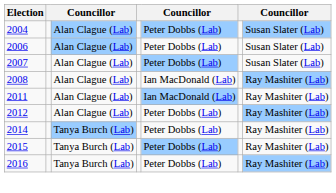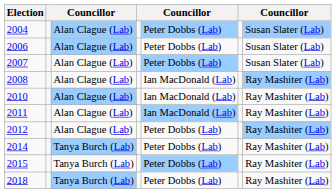 <table class="wikitable">
 <tr>
 <th>Election</th>
 <th colspan="2">Councillor</th>
 <th colspan="2">Councillor</th>
 <th colspan="2">Councillor</th>
 </tr>
 <tr>
 <td><a href='#'>2004</a></td>
 <td style="background-color: "></td>
 <td bgcolor="#99CCFF">Alan Clague (<a href='#'>Lab</a>)</td>
 <td style="background-color: "></td>
 <td bgcolor="#99CCFF">Peter Dobbs (<a href='#'>Lab</a>)</td>
 <td style="background-color: "></td>
 <td bgcolor="#99CCFF">Susan Slater (<a href='#'>Lab</a>)</td>
 </tr>
 <tr>
 <td><a href='#'>2006</a></td>
 <td style="background-color: "></td>
 <td bgcolor="#99CCFF">Alan Clague (<a href='#'>Lab</a>)</td>
 <td style="background-color: "></td>
 <td>Peter Dobbs (<a href='#'>Lab</a>)</td>
 <td style="background-color: "></td>
 <td>Susan Slater (<a href='#'>Lab</a>)</td>
 </tr>
 <tr>
 <td><a href='#'>2007</a></td>
 <td style="background-color: "></td>
 <td>Alan Clague (<a href='#'>Lab</a>)</td>
 <td style="background-color: "></td>
 <td bgcolor="#99CCFF">Peter Dobbs (<a href='#'>Lab</a>)</td>
 <td style="background-color: "></td>
 <td>Susan Slater (<a href='#'>Lab</a>)</td>
 </tr>
 <tr>
 <td><a href='#'>2008</a></td>
 <td style="background-color: "></td>
 <td>Alan Clague (<a href='#'>Lab</a>)</td>
 <td style="background-color: "></td>
 <td>Ian MacDonald (<a href='#'>Lab</a>)</td>
 <td style="background-color: "></td>
 <td bgcolor="#99CCFF">Ray Mashiter (<a href='#'>Lab</a>)</td>
 </tr>
 <tr>
+<td><a href='#'>2010</a></td>
+<td style="background-color: "></td>
+<td bgcolor="#99CCFF">Alan Clague (<a href='#'>Lab</a>)</td>
+<td style="background-color: "></td>
+<td>Ian MacDonald (<a href='#'>Lab</a>)</td>
+<td style="background-color: "></td>
+<td>Ray Mashiter (<a href='#'>Lab</a>)</td>
+</tr>
+<tr>
 <td><a href='#'>2011</a></td>
 <td style="background-color: "></td>
 <td>Alan Clague (<a href='#'>Lab</a>)</td>
 <td style="background-color: "></td>
 <td bgcolor="#99CCFF">Ian MacDonald (<a href='#'>Lab</a>)</td>
 <td style="background-color: "></td>
 <td>Ray Mashiter (<a href='#'>Lab</a>)</td>
 </tr>
 <tr>
 <td><a href='#'>2012</a></td>
 <td style="background-color: "></td>
 <td>Alan Clague (<a href='#'>Lab</a>)</td>
 <td style="background-color: "></td>
 <td>Peter Dobbs (<a href='#'>Lab</a>)</td>
 <td style="background-color: "></td>
 <td bgcolor="#99CCFF">Ray Mashiter (<a href='#'>Lab</a>)</td>
 </tr>
 <tr>
 <td><a href='#'>2014</a></td>
 <td style="background-color: "></td>
 <td bgcolor="#99CCFF">Tanya Burch (<a href='#'>Lab</a>)</td>
 <td style="background-color: "></td>
 <td>Peter Dobbs (<a href='#'>Lab</a>)</td>
 <td style="background-color: "></td>
 <td>Ray Mashiter (<a href='#'>Lab</a>)</td>
 </tr>
 <tr>
 <td><a href='#'>2015</a></td>
 <td style="background-color: "></td>
 <td>Tanya Burch (<a href='#'>Lab</a>)</td>
 <td style="background-color: "></td>
 <td bgcolor="#99CCFF">Peter Dobbs (<a href='#'>Lab</a>)</td>
 <td style="background-color: "></td>
 <td>Ray Mashiter (<a href='#'>Lab</a>)</td>
 </tr>
 <tr>
-<td><a href='#'>2016</a></td>
+<td><a href='#'>2018</a></td>
 <td style="background-color: "></td>
-<td>Tanya Burch (<a href='#'>Lab</a>)</td>
+<td bgcolor="#99CCFF">Tanya Burch (<a href='#'>Lab</a>)</td>
 <td style="background-color: "></td>
 <td>Peter Dobbs (<a href='#'>Lab</a>)</td>
 <td style="background-color: "></td>
-<td bgcolor="#99CCFF">Ray Mashiter (<a href='#'>Lab</a>)</td>
+<td>Ray Mashiter (<a href='#'>Lab</a>)</td>
 </tr>
 </table>
